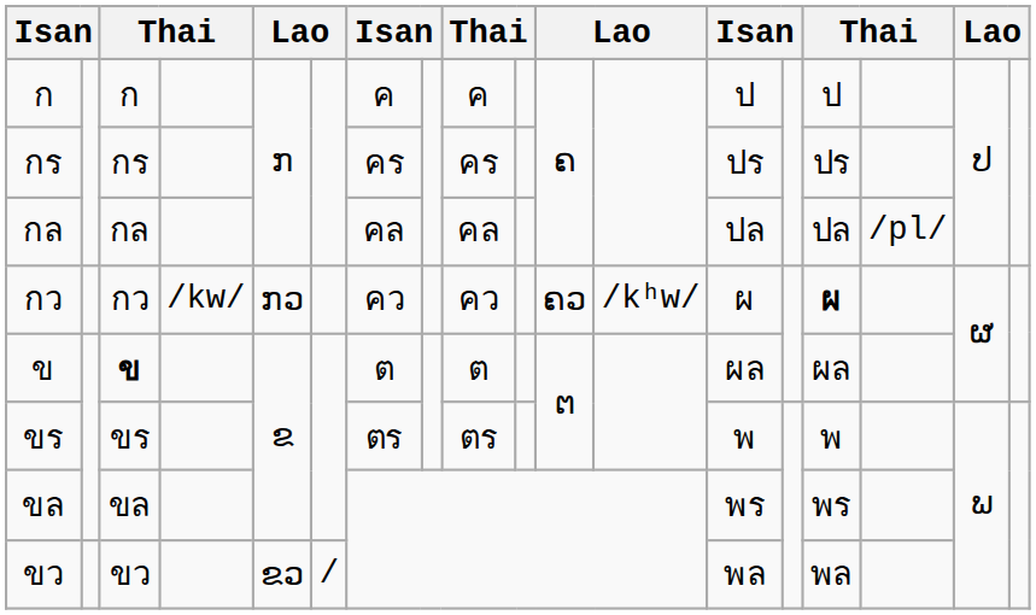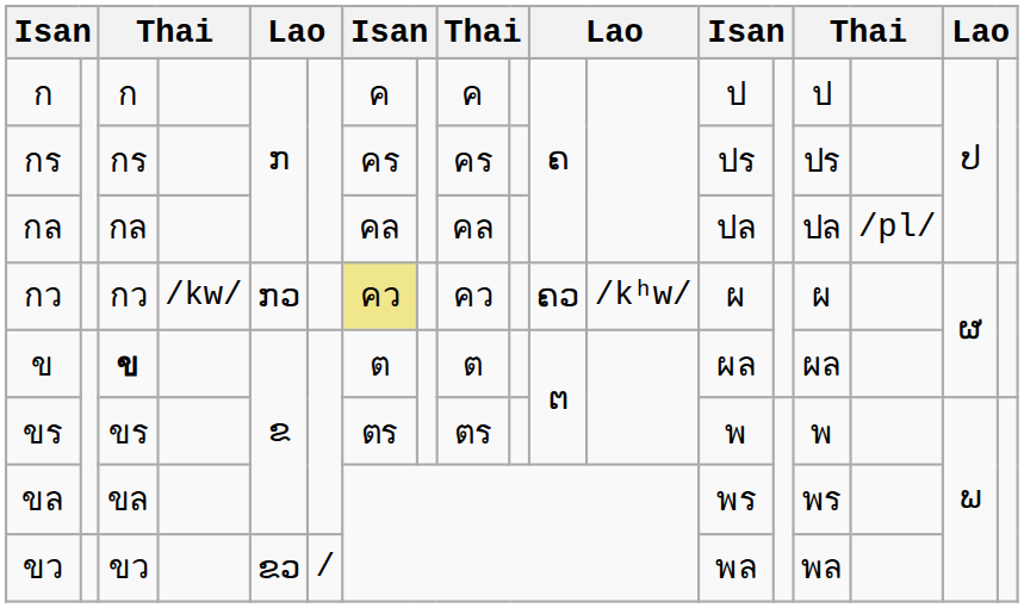 <table class="wikitable" style="text-align:center;">
 <tr>
 <th colspan="2">Isan</th>
 <th colspan="2">Thai</th>
 <th colspan="2">Lao</th>
 <th colspan="2">Isan</th>
 <th colspan="2">Thai</th>
 <th colspan="2">Lao</th>
 <th colspan="2">Isan</th>
 <th colspan="2">Thai</th>
 <th colspan="2">Lao</th>
 </tr>
 <tr>
 <td>ก</td>
 <td rowspan="3"></td>
 <td>ก</td>
 <td></td>
 <td rowspan="3">ກ</td>
 <td rowspan="3"></td>
 <td>ค</td>
 <td rowspan="3"></td>
 <td>ค</td>
 <td></td>
 <td rowspan="3">ຄ</td>
 <td rowspan="3"></td>
 <td>ป</td>
 <td rowspan="3"></td>
 <td>ป</td>
 <td></td>
 <td rowspan="3">ປ</td>
 <td rowspan="3"><br></td>
 </tr>
 <tr>
 <td>กร</td>
 <td>กร</td>
 <td></td>
 <td>คร</td>
 <td>คร</td>
 <td></td>
 <td>ปร</td>
 <td>ปร</td>
 <td></td>
 </tr>
 <tr>
 <td>กล</td>
 <td>กล</td>
 <td></td>
 <td>คล</td>
 <td>คล</td>
 <td></td>
 <td>ปล</td>
 <td>ปล</td>
 <td>/pl/</td>
 </tr>
 <tr>
 <td>กว</td>
 <td></td>
 <td>กว</td>
 <td>/kw/</td>
 <td>ກວ</td>
 <td></td>
-<td>คว</td>
+<td style="background: khaki;">คว</td>
 <td></td>
 <td>คว</td>
 <td></td>
 <td>ຄວ</td>
 <td>/kʰw/</td>
 <td>ผ</td>
 <td rowspan="2"></td>
-<td><strong>ผ</strong></td>
+<td>ผ</td>
 <td></td>
 <td rowspan="2">ຜ</td>
 <td rowspan="2"></td>
 </tr>
 <tr>
 <td>ข</td>
 <td rowspan="3"></td>
 <td><strong>ข</strong></td>
 <td></td>
 <td rowspan="3">ຂ</td>
 <td rowspan="3"></td>
 <td>ต</td>
 <td rowspan="2"></td>
 <td>ต</td>
 <td></td>
 <td rowspan="2">ຕ</td>
 <td rowspan="2"></td>
 <td>ผล</td>
 <td>ผล</td>
 <td></td>
 </tr>
 <tr>
 <td>ขร</td>
 <td>ขร</td>
 <td></td>
 <td>ตร</td>
 <td>ตร</td>
 <td></td>
 <td>พ</td>
 <td rowspan="3"></td>
 <td>พ</td>
 <td></td>
 <td rowspan="3">ພ</td>
 <td rowspan="3"></td>
 </tr>
 <tr>
 <td>ขล</td>
 <td>ขล</td>
 <td></td>
 <td rowspan="2" colspan="6"></td>
 <td>พร</td>
 <td>พร</td>
 <td></td>
 </tr>
 <tr>
 <td>ขว</td>
 <td></td>
 <td>ขว</td>
 <td></td>
 <td>ຂວ</td>
 <td>/</td>
 <td>พล</td>
 <td>พล</td>
 <td></td>
 </tr>
 </table>
